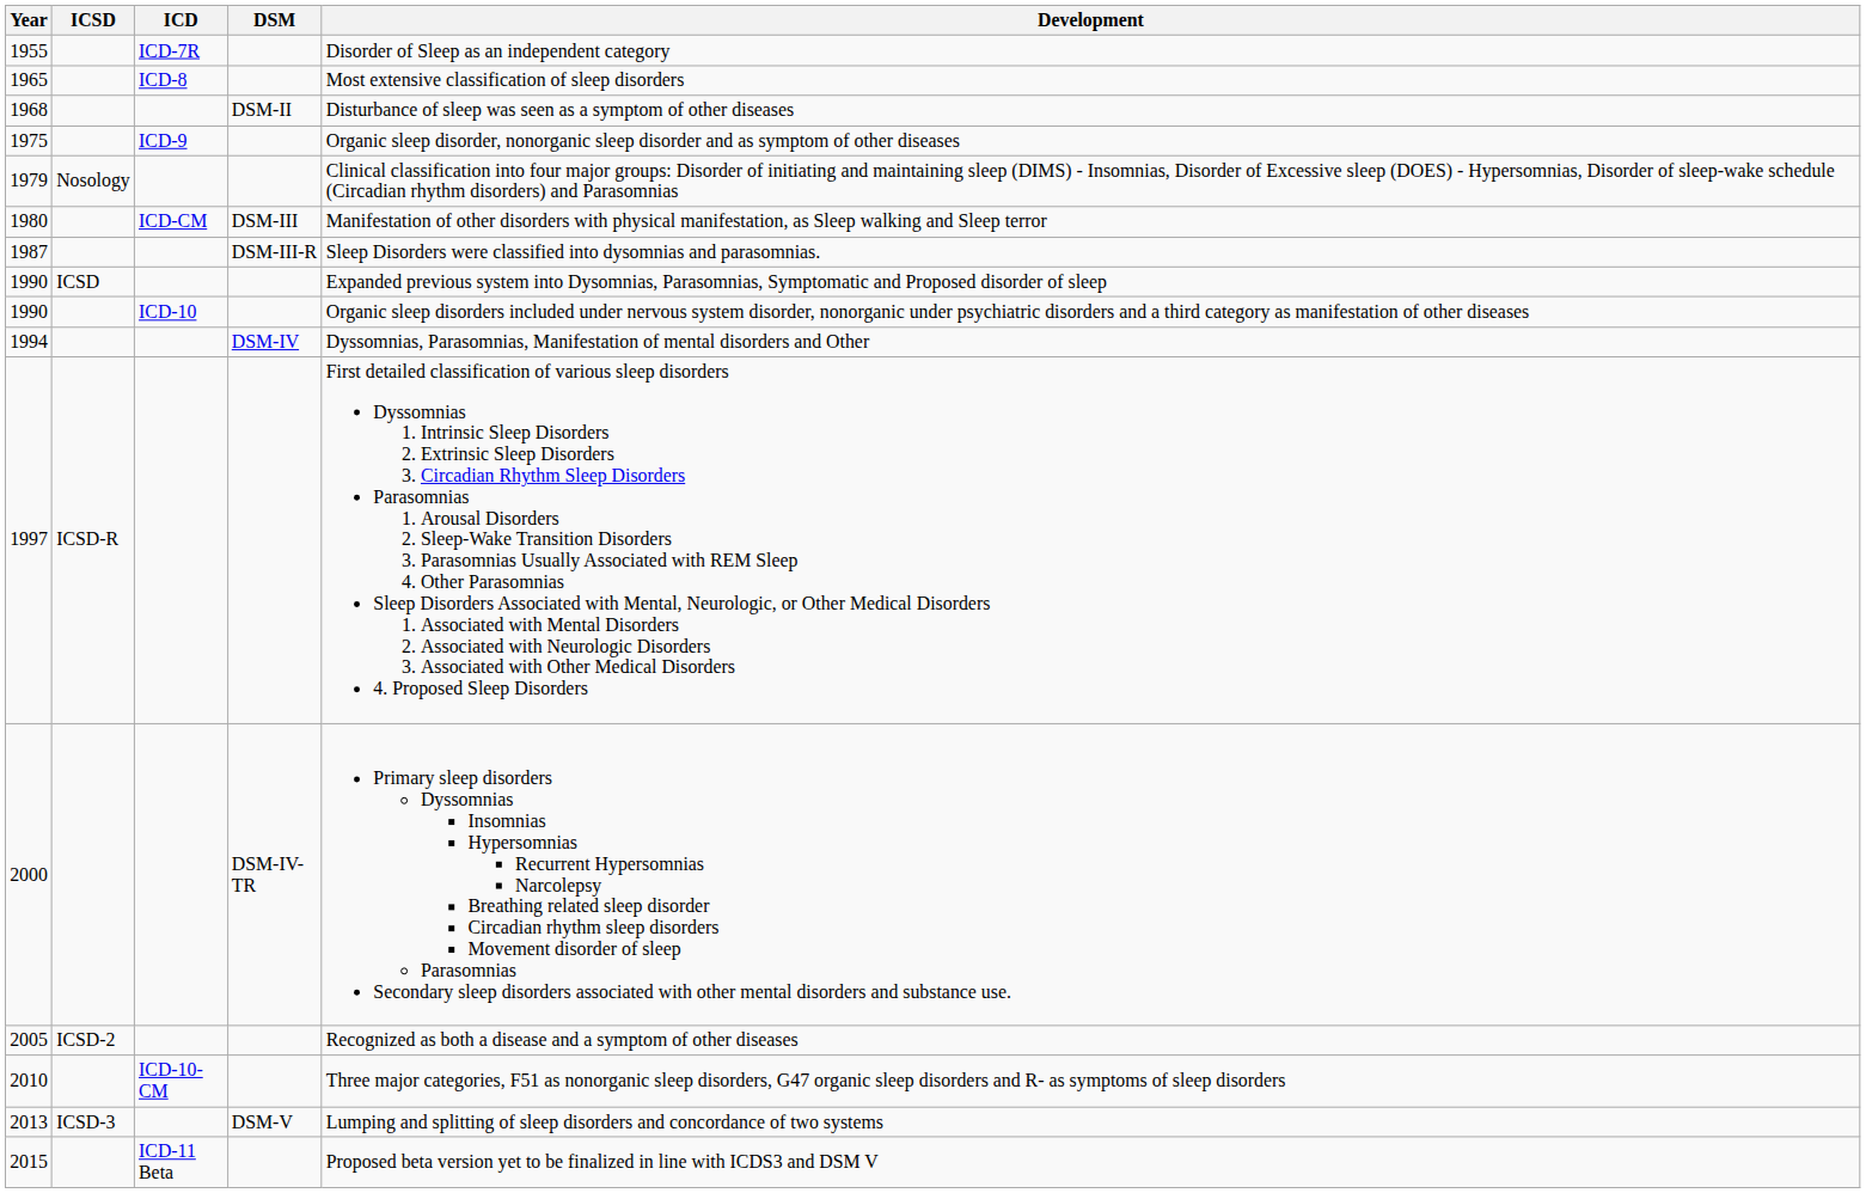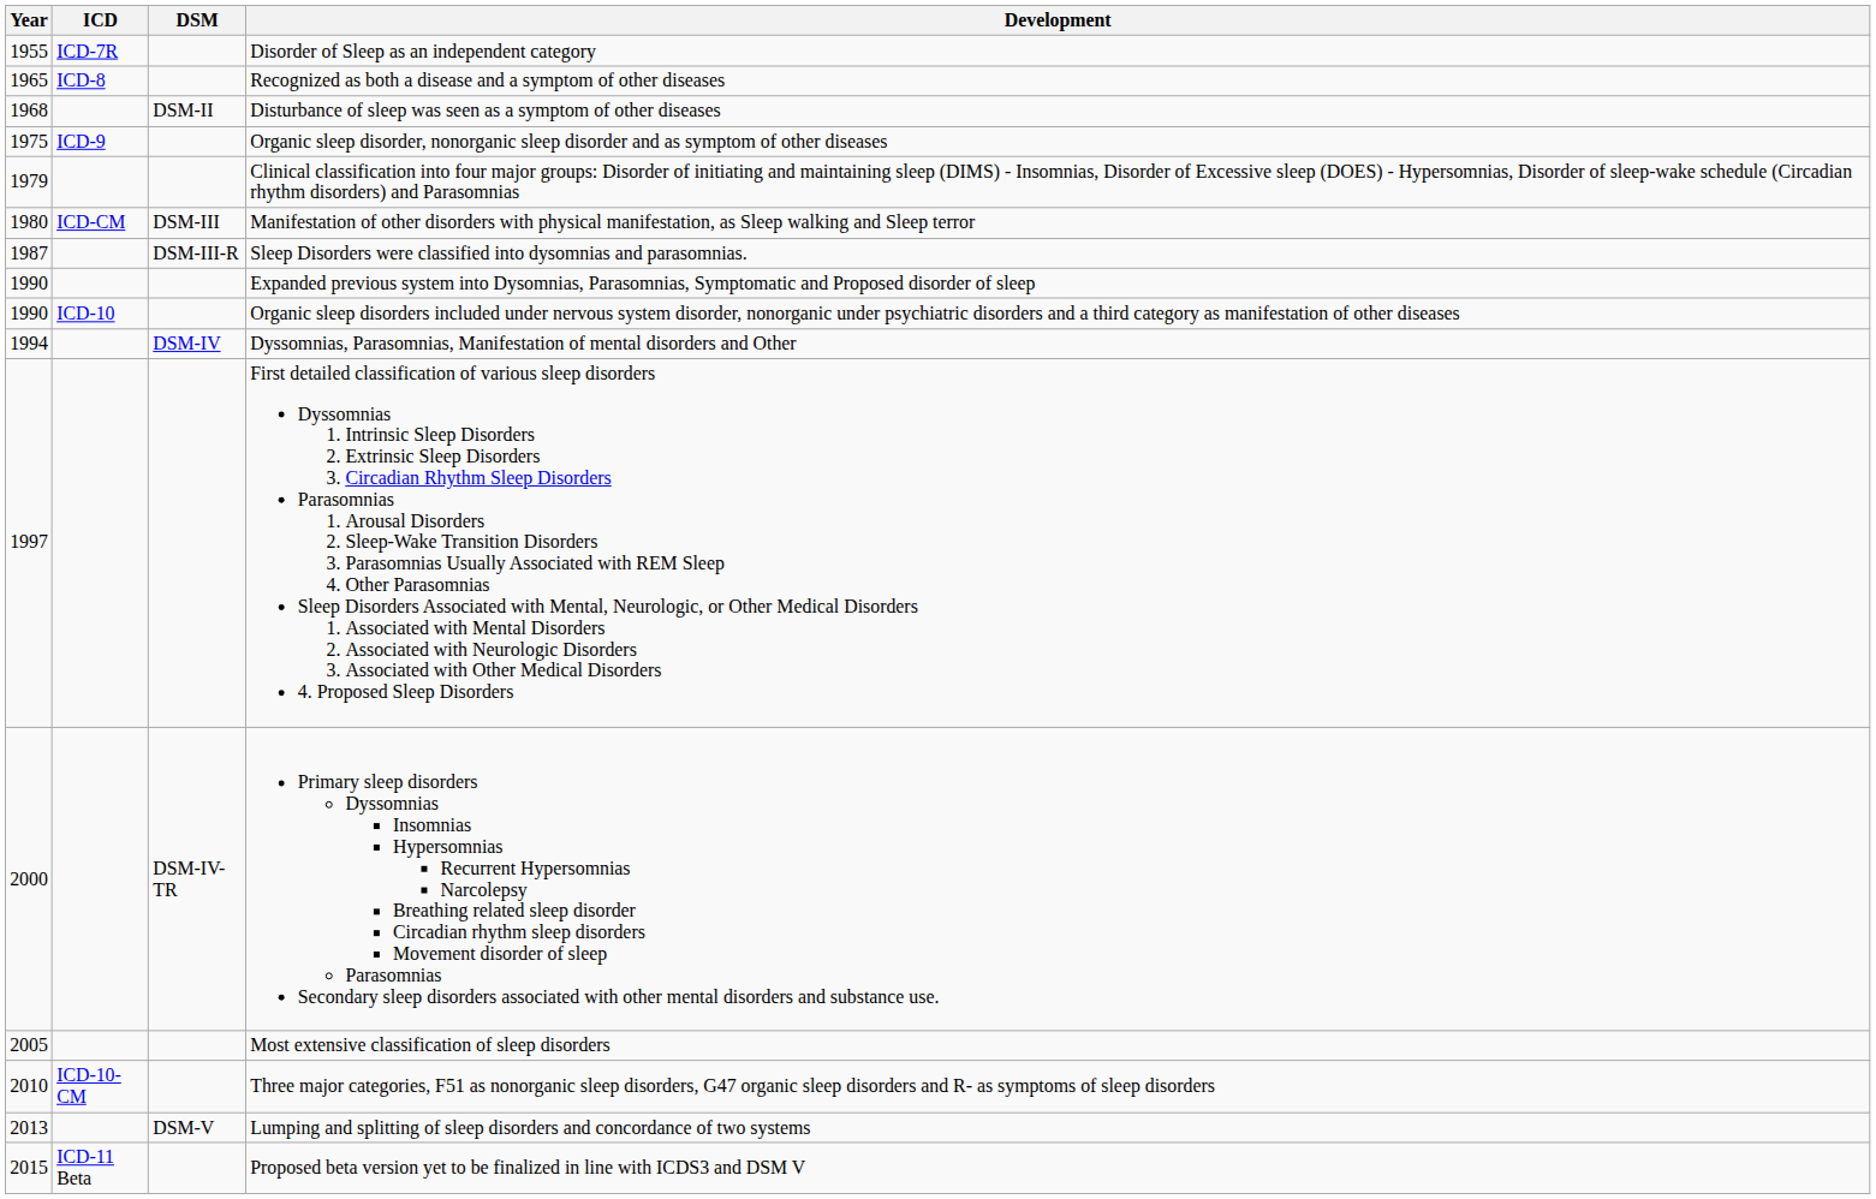 <table class="wikitable">
 <tr>
 <th>Year</th>
-<th>ICSD</th>
 <th>ICD</th>
 <th>DSM</th>
 <th>Development</th>
 </tr>
 <tr>
 <td>1955</td>
-<td></td>
 <td><a href='#'>ICD-7R</a></td>
 <td></td>
 <td>Disorder of Sleep as an independent category</td>
 </tr>
 <tr>
 <td>1965</td>
-<td></td>
 <td><a href='#'>ICD-8</a></td>
 <td></td>
-<td>Most extensive classification of sleep disorders</td>
+<td>Recognized as both a disease and a symptom of other diseases</td>
 </tr>
 <tr>
 <td>1968</td>
-<td></td>
 <td></td>
 <td>DSM-II</td>
 <td>Disturbance of sleep was seen as a symptom of other diseases</td>
 </tr>
 <tr>
 <td>1975</td>
-<td></td>
 <td><a href='#'>ICD-9</a></td>
 <td></td>
 <td>Organic sleep disorder, nonorganic sleep disorder and as symptom of other diseases</td>
 </tr>
 <tr>
 <td>1979</td>
-<td>Nosology</td>
 <td></td>
 <td></td>
 <td>Clinical classification into four major groups: Disorder of initiating and maintaining sleep (DIMS) - Insomnias, Disorder of Excessive sleep (DOES) - Hypersomnias, Disorder of sleep-wake schedule (Circadian rhythm disorders) and Parasomnias</td>
 </tr>
 <tr>
 <td>1980</td>
-<td></td>
 <td><a href='#'>ICD-CM</a></td>
 <td>DSM-III</td>
 <td>Manifestation of other disorders with physical manifestation, as Sleep walking and Sleep terror</td>
 </tr>
 <tr>
 <td>1987</td>
 <td></td>
-<td></td>
 <td>DSM-III-R</td>
 <td>Sleep Disorders were classified into dysomnias and parasomnias.</td>
 </tr>
 <tr>
 <td>1990</td>
-<td>ICSD</td>
 <td></td>
 <td></td>
 <td>Expanded previous system into Dysomnias, Parasomnias, Symptomatic and Proposed disorder of sleep</td>
 </tr>
 <tr>
 <td>1990</td>
-<td></td>
 <td><a href='#'>ICD-10</a></td>
 <td></td>
 <td>Organic sleep disorders included under nervous system disorder, nonorganic under psychiatric disorders and a third category as manifestation of other diseases</td>
 </tr>
 <tr>
 <td>1994</td>
 <td></td>
-<td></td>
 <td><a href='#'>DSM-IV</a></td>
 <td>Dyssomnias, Parasomnias, Manifestation of mental disorders and Other</td>
 </tr>
 <tr>
 <td>1997</td>
-<td>ICSD-R</td>
 <td></td>
 <td></td>
 <td>First detailed classification of various sleep disorders<br><ul><li>Dyssomnias<ol><li>Intrinsic Sleep Disorders</li><li>Extrinsic Sleep Disorders</li><li><a href='#'>Circadian Rhythm Sleep Disorders</a></li></ol></li><li>Parasomnias<ol><li>Arousal Disorders</li><li>Sleep-Wake Transition Disorders</li><li>Parasomnias Usually Associated with REM Sleep</li><li>Other Parasomnias</li></ol></li><li>Sleep Disorders Associated with Mental, Neurologic, or Other Medical Disorders<ol><li>Associated with Mental Disorders</li><li>Associated with Neurologic Disorders</li><li>Associated with Other Medical Disorders</li></ol></li><li>4. Proposed Sleep Disorders</li></ul></td>
 </tr>
 <tr>
 <td>2000</td>
 <td></td>
-<td></td>
 <td>DSM-IV-TR</td>
 <td><br><ul><li>Primary sleep disorders<ul><li>Dyssomnias<ul><li>Insomnias</li><li>Hypersomnias<ul><li>Recurrent Hypersomnias</li><li>Narcolepsy</li></ul></li><li>Breathing related sleep disorder</li><li>Circadian rhythm sleep disorders</li><li>Movement disorder of sleep</li></ul></li><li>Parasomnias</li></ul></li><li>Secondary sleep disorders associated with other mental disorders and substance use.</li></ul></td>
 </tr>
 <tr>
 <td>2005</td>
-<td>ICSD-2</td>
 <td></td>
 <td></td>
-<td>Recognized as both a disease and a symptom of other diseases</td>
+<td>Most extensive classification of sleep disorders</td>
 </tr>
 <tr>
 <td>2010</td>
-<td></td>
 <td><a href='#'>ICD-10-CM</a></td>
 <td></td>
 <td>Three major categories, F51 as nonorganic sleep disorders, G47 organic sleep disorders and R- as symptoms of sleep disorders</td>
 </tr>
 <tr>
 <td>2013</td>
-<td>ICSD-3</td>
 <td></td>
 <td>DSM-V</td>
 <td>Lumping and splitting of sleep disorders and concordance of two systems</td>
 </tr>
 <tr>
 <td>2015</td>
-<td></td>
 <td><a href='#'>ICD-11</a> Beta</td>
 <td></td>
 <td>Proposed beta version yet to be finalized in line with ICDS3 and DSM V</td>
 </tr>
 </table>
